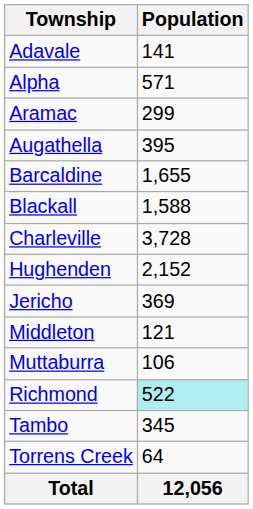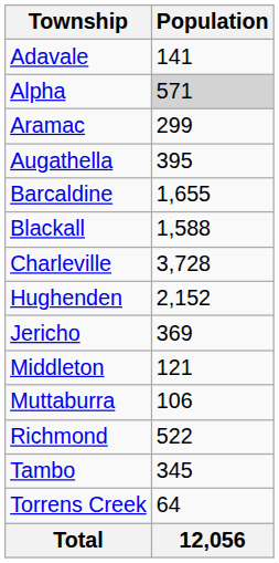 <table class="wikitable sortable">
 <tr>
 <th>Township</th>
 <th>Population</th>
 </tr>
 <tr>
 <td><a href='#'>Adavale</a></td>
 <td>141</td>
 </tr>
 <tr>
 <td><a href='#'>Alpha</a></td>
-<td>571</td>
+<td style="background: lightgrey;">571</td>
 </tr>
 <tr>
 <td><a href='#'>Aramac</a></td>
 <td>299</td>
 </tr>
 <tr>
 <td><a href='#'>Augathella</a></td>
 <td>395</td>
 </tr>
 <tr>
 <td><a href='#'>Barcaldine</a></td>
 <td>1,655</td>
 </tr>
 <tr>
 <td><a href='#'>Blackall</a></td>
 <td>1,588</td>
 </tr>
 <tr>
 <td><a href='#'>Charleville</a></td>
 <td>3,728</td>
 </tr>
 <tr>
 <td><a href='#'>Hughenden</a></td>
 <td>2,152</td>
 </tr>
 <tr>
 <td><a href='#'>Jericho</a></td>
 <td>369</td>
 </tr>
 <tr>
 <td><a href='#'>Middleton</a></td>
 <td>121</td>
 </tr>
 <tr>
 <td><a href='#'>Muttaburra</a></td>
 <td>106</td>
 </tr>
 <tr>
 <td><a href='#'>Richmond</a></td>
-<td style="background: paleturquoise;">522</td>
+<td>522</td>
 </tr>
 <tr>
 <td><a href='#'>Tambo</a></td>
 <td>345</td>
 </tr>
 <tr>
 <td><a href='#'>Torrens Creek</a></td>
 <td>64</td>
 </tr>
 <tr>
 <th>Total</th>
 <th>12,056</th>
 </tr>
 </table>
